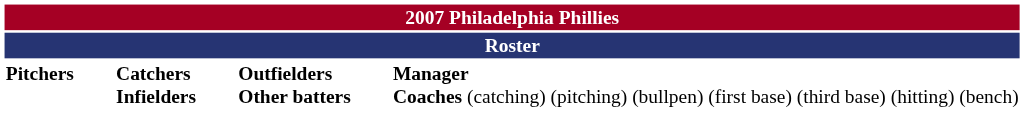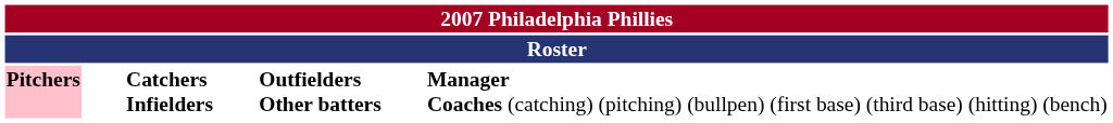 <table class="toccolours" style="font-size: 95%;">
 <tr>
 <th colspan="10" style="background-color: #A50024; color: #FFFFFF; text-align: center;">2007 Philadelphia Phillies</th>
 </tr>
 <tr>
 <td colspan="10" style="background-color: #263473; color: white; text-align: center;"><strong>Roster</strong></td>
 </tr>
 <tr>
-<td valign="top"><strong>Pitchers</strong><br>                           </td>
+<td valign="top" style="background: pink;"><strong>Pitchers</strong><br>                           </td>
 <td width="25px"></td>
 <td valign="top"><strong>Catchers</strong><br>   <strong>Infielders</strong>        </td>
 <td width="25px"></td>
 <td valign="top"><strong>Outfielders</strong><br>      <strong>Other batters</strong> </td>
 <td width="25px"></td>
 <td valign="top"><strong>Manager</strong><br> <strong>Coaches</strong>  (catching)  (pitching)  (bullpen)  (first base)  (third base)  (hitting)  (bench)</td>
 </tr>
 <tr>
 </tr>
 </table>
